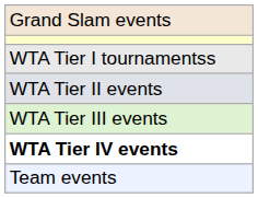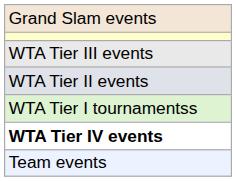 <table class=wikitable style=font-size:90%;width:15%>
 <tr bgcolor=#F3E6D7>
 <td>Grand Slam events</td>
 </tr>
 <tr bgcolor=#FFFFCC>
 <td></td>
 </tr>
 <tr bgcolor=#E9E9E9>
-<td>WTA Tier I tournamentss</td>
+<td>WTA Tier III events</td>
 </tr>
 <tr bgcolor=#dfe2e9>
 <td>WTA Tier II events</td>
 </tr>
 <tr bgcolor=#DDF3D1>
-<td>WTA Tier III events</td>
+<td>WTA Tier I tournamentss</td>
 </tr>
 <tr bgcolor=#FFFFFF>
 <td><strong>WTA Tier IV events</strong></td>
 </tr>
 <tr bgcolor=#ECF2FF>
 <td>Team events</td>
 </tr>
 </table>
